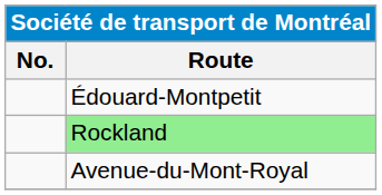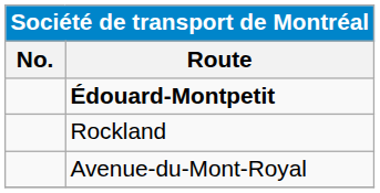 <table align=center class="wikitable">
 <tr>
 <th style="background: #0085CA; font-size:100%; color:#FFFFFF;"colspan="4">Société de transport de Montréal</th>
 </tr>
 <tr>
 <th>No.</th>
 <th>Route</th>
 </tr>
 <tr>
 <td {{Avoid wrap> </td>
-<td>Édouard-Montpetit</td>
+<td><strong>Édouard-Montpetit</strong></td>
 </tr>
 <tr>
 <td></td>
-<td style="background: lightgreen;">Rockland</td>
+<td>Rockland</td>
 </tr>
 <tr>
 <td {{Avoid wrap> </td>
 <td>Avenue-du-Mont-Royal</td>
 </tr>
 <tr>
 </tr>
 </table>
